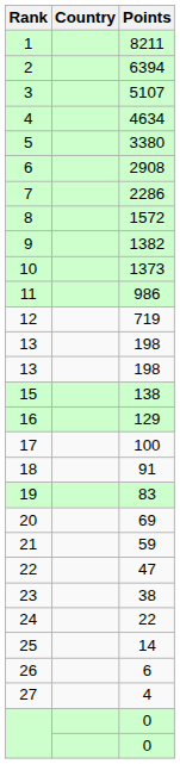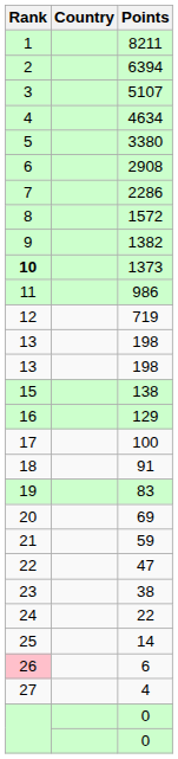 <table class="wikitable sortable" style="text-align:center">
 <tr>
 <th>Rank</th>
 <th>Country</th>
 <th>Points</th>
 </tr>
 <tr bgcolor=ccffcc>
 <td>1</td>
 <td align=left> </td>
 <td>8211</td>
 </tr>
 <tr bgcolor=ccffcc>
 <td>2</td>
 <td align=left></td>
 <td>6394</td>
 </tr>
 <tr bgcolor=ccffcc>
 <td>3</td>
 <td align=left></td>
 <td>5107</td>
 </tr>
 <tr bgcolor=ccffcc>
 <td>4</td>
 <td align=left></td>
 <td>4634</td>
 </tr>
 <tr bgcolor=ccffcc>
 <td>5</td>
 <td align=left></td>
 <td>3380</td>
 </tr>
 <tr bgcolor=ccffcc>
 <td>6</td>
 <td align=left></td>
 <td>2908</td>
 </tr>
 <tr bgcolor=ccffcc>
 <td>7</td>
 <td align=left></td>
 <td>2286</td>
 </tr>
 <tr bgcolor=ccffcc>
 <td>8</td>
 <td align=left></td>
 <td>1572</td>
 </tr>
 <tr bgcolor=ccffcc>
 <td>9</td>
 <td align=left></td>
 <td>1382</td>
 </tr>
 <tr bgcolor=ccffcc>
-<td>10</td>
+<td><strong>10</strong></td>
 <td align=left></td>
 <td>1373</td>
 </tr>
 <tr bgcolor=ccffcc>
 <td>11</td>
 <td align=left></td>
 <td>986</td>
 </tr>
 <tr>
 <td>12</td>
 <td align=left></td>
 <td>719</td>
 </tr>
 <tr>
 <td>13</td>
 <td align=left></td>
 <td>198</td>
 </tr>
 <tr>
 <td>13</td>
 <td align=left></td>
 <td>198</td>
 </tr>
 <tr bgcolor=ccffcc>
 <td>15</td>
 <td align=left></td>
 <td>138</td>
 </tr>
 <tr bgcolor=ccffcc>
 <td>16</td>
 <td align=left></td>
 <td>129</td>
 </tr>
 <tr>
 <td>17</td>
 <td align=left></td>
 <td>100</td>
 </tr>
 <tr>
 <td>18</td>
 <td align=left></td>
 <td>91</td>
 </tr>
 <tr bgcolor=ccffcc>
 <td>19</td>
 <td align=left></td>
 <td>83</td>
 </tr>
 <tr>
 <td>20</td>
 <td align=left></td>
 <td>69</td>
 </tr>
 <tr>
 <td>21</td>
 <td align=left></td>
 <td>59</td>
 </tr>
 <tr>
 <td>22</td>
 <td align=left></td>
 <td>47</td>
 </tr>
 <tr>
 <td>23</td>
 <td align=left></td>
 <td>38</td>
 </tr>
 <tr>
 <td>24</td>
 <td align=left></td>
 <td>22</td>
 </tr>
 <tr>
 <td>25</td>
 <td align=left></td>
 <td>14</td>
 </tr>
 <tr>
-<td>26</td>
+<td style="background: pink;">26</td>
 <td align=left></td>
 <td>6</td>
 </tr>
 <tr>
 <td>27</td>
 <td align=left></td>
 <td>4</td>
 </tr>
 <tr bgcolor=ccffcc>
 <td rowspan=2></td>
 <td align=left></td>
 <td>0</td>
 </tr>
 <tr bgcolor=ccffcc>
 <td align=left></td>
 <td>0</td>
 </tr>
 </table>
